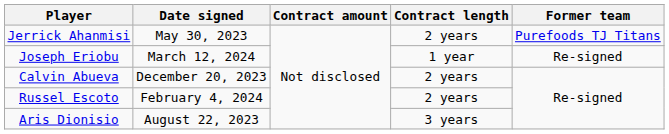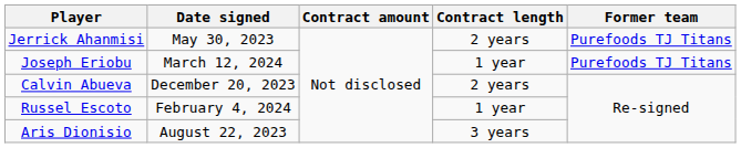 <table class="wikitable sortable sortable">
 <tr>
 <th>Player</th>
 <th>Date signed</th>
 <th>Contract amount</th>
 <th>Contract length</th>
 <th>Former team</th>
 </tr>
 <tr>
 <td align=center><a href='#'>Jerrick Ahanmisi</a></td>
 <td align=center>May 30, 2023</td>
 <td align=center rowspan=5>Not disclosed</td>
 <td align=center>2 years</td>
 <td align=center><a href='#'>Purefoods TJ Titans</a> </td>
 </tr>
 <tr>
 <td align=center><a href='#'>Joseph Eriobu</a></td>
 <td align=center>March 12, 2024</td>
 <td align=center>1 year</td>
-<td align=center>Re-signed</td>
+<td align=center><a href='#'>Purefoods TJ Titans</a> </td>
 </tr>
 <tr>
 <td align=center><a href='#'>Calvin Abueva</a></td>
 <td align=center>December 20, 2023</td>
 <td align=center>2 years</td>
 <td align=center rowspan=3>Re-signed</td>
 </tr>
 <tr>
 <td align=center><a href='#'>Russel Escoto</a></td>
 <td align=center>February 4, 2024</td>
-<td align=center>2 years</td>
+<td align=center>1 year</td>
 </tr>
 <tr>
 <td align=center><a href='#'>Aris Dionisio</a></td>
 <td align=center>August 22, 2023</td>
 <td align=center>3 years</td>
 </tr>
 </table>
